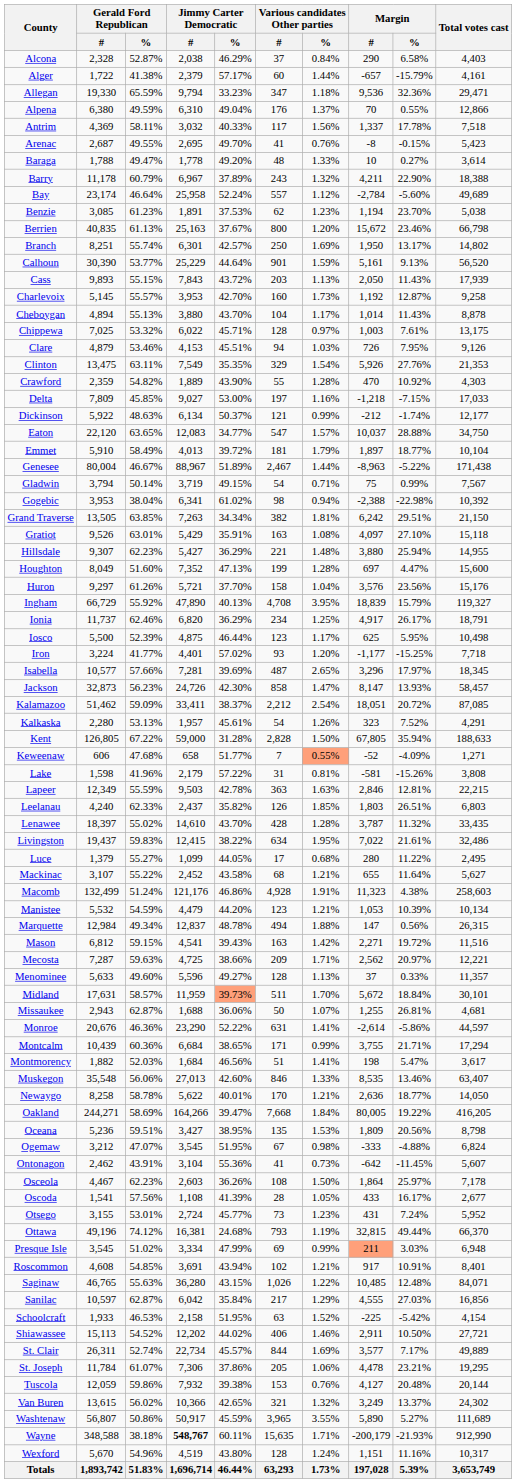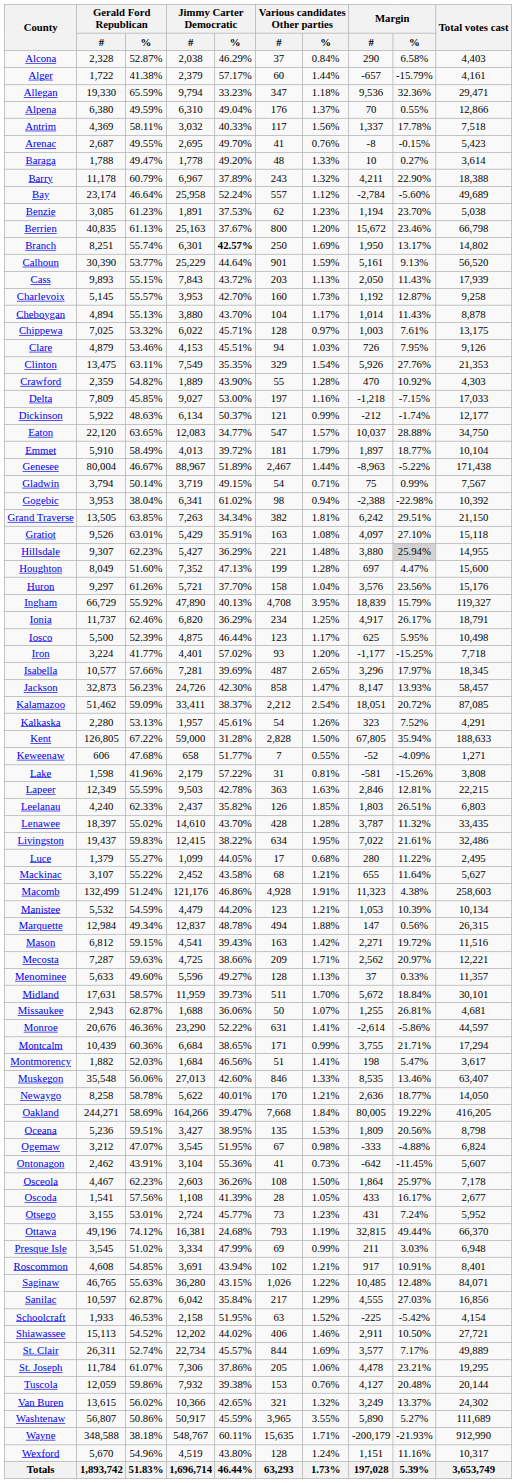 <table width="60%" class="wikitable sortable">
 <tr>
 <th colspan="1" rowspan="2">County</th>
 <th style="text-align:center;" colspan="2">Gerald Ford<br>Republican</th>
 <th style="text-align:center;" colspan="2">Jimmy Carter<br>Democratic</th>
 <th style="text-align:center;" colspan="2">Various candidates<br>Other parties</th>
 <th style="text-align:center;" colspan="2">Margin</th>
 <th colspan="1" rowspan="2" style="text-align:center;">Total votes cast</th>
 </tr>
 <tr>
 <th style="text-align:center;" data-sort-type="number">#</th>
 <th style="text-align:center;" data-sort-type="number">%</th>
 <th style="text-align:center;" data-sort-type="number">#</th>
 <th style="text-align:center;" data-sort-type="number">%</th>
 <th style="text-align:center;" data-sort-type="number">#</th>
 <th style="text-align:center;" data-sort-type="number">%</th>
 <th style="text-align:center;" data-sort-type="number">#</th>
 <th style="text-align:center;" data-sort-type="number">%</th>
 </tr>
 <tr style="text-align:center;">
 <td><a href='#'>Alcona</a></td>
 <td>2,328</td>
 <td>52.87%</td>
 <td>2,038</td>
 <td>46.29%</td>
 <td>37</td>
 <td>0.84%</td>
 <td>290</td>
 <td>6.58%</td>
 <td>4,403</td>
 </tr>
 <tr style="text-align:center;">
 <td><a href='#'>Alger</a></td>
 <td>1,722</td>
 <td>41.38%</td>
 <td>2,379</td>
 <td>57.17%</td>
 <td>60</td>
 <td>1.44%</td>
 <td>-657</td>
 <td>-15.79%</td>
 <td>4,161</td>
 </tr>
 <tr style="text-align:center;">
 <td><a href='#'>Allegan</a></td>
 <td>19,330</td>
 <td>65.59%</td>
 <td>9,794</td>
 <td>33.23%</td>
 <td>347</td>
 <td>1.18%</td>
 <td>9,536</td>
 <td>32.36%</td>
 <td>29,471</td>
 </tr>
 <tr style="text-align:center;">
 <td><a href='#'>Alpena</a></td>
 <td>6,380</td>
 <td>49.59%</td>
 <td>6,310</td>
 <td>49.04%</td>
 <td>176</td>
 <td>1.37%</td>
 <td>70</td>
 <td>0.55%</td>
 <td>12,866</td>
 </tr>
 <tr style="text-align:center;">
 <td><a href='#'>Antrim</a></td>
 <td>4,369</td>
 <td>58.11%</td>
 <td>3,032</td>
 <td>40.33%</td>
 <td>117</td>
 <td>1.56%</td>
 <td>1,337</td>
 <td>17.78%</td>
 <td>7,518</td>
 </tr>
 <tr style="text-align:center;">
 <td><a href='#'>Arenac</a></td>
 <td>2,687</td>
 <td>49.55%</td>
 <td>2,695</td>
 <td>49.70%</td>
 <td>41</td>
 <td>0.76%</td>
 <td>-8</td>
 <td>-0.15%</td>
 <td>5,423</td>
 </tr>
 <tr style="text-align:center;">
 <td><a href='#'>Baraga</a></td>
 <td>1,788</td>
 <td>49.47%</td>
 <td>1,778</td>
 <td>49.20%</td>
 <td>48</td>
 <td>1.33%</td>
 <td>10</td>
 <td>0.27%</td>
 <td>3,614</td>
 </tr>
 <tr style="text-align:center;">
 <td><a href='#'>Barry</a></td>
 <td>11,178</td>
 <td>60.79%</td>
 <td>6,967</td>
 <td>37.89%</td>
 <td>243</td>
 <td>1.32%</td>
 <td>4,211</td>
 <td>22.90%</td>
 <td>18,388</td>
 </tr>
 <tr style="text-align:center;">
 <td><a href='#'>Bay</a></td>
 <td>23,174</td>
 <td>46.64%</td>
 <td>25,958</td>
 <td>52.24%</td>
 <td>557</td>
 <td>1.12%</td>
 <td>-2,784</td>
 <td>-5.60%</td>
 <td>49,689</td>
 </tr>
 <tr style="text-align:center;">
 <td><a href='#'>Benzie</a></td>
 <td>3,085</td>
 <td>61.23%</td>
 <td>1,891</td>
 <td>37.53%</td>
 <td>62</td>
 <td>1.23%</td>
 <td>1,194</td>
 <td>23.70%</td>
 <td>5,038</td>
 </tr>
 <tr style="text-align:center;">
 <td><a href='#'>Berrien</a></td>
 <td>40,835</td>
 <td>61.13%</td>
 <td>25,163</td>
 <td>37.67%</td>
 <td>800</td>
 <td>1.20%</td>
 <td>15,672</td>
 <td>23.46%</td>
 <td>66,798</td>
 </tr>
 <tr style="text-align:center;">
 <td><a href='#'>Branch</a></td>
 <td>8,251</td>
 <td>55.74%</td>
 <td>6,301</td>
-<td>42.57%</td>
+<td><strong>42.57%</strong></td>
 <td>250</td>
 <td>1.69%</td>
 <td>1,950</td>
 <td>13.17%</td>
 <td>14,802</td>
 </tr>
 <tr style="text-align:center;">
 <td><a href='#'>Calhoun</a></td>
 <td>30,390</td>
 <td>53.77%</td>
 <td>25,229</td>
 <td>44.64%</td>
 <td>901</td>
 <td>1.59%</td>
 <td>5,161</td>
 <td>9.13%</td>
 <td>56,520</td>
 </tr>
 <tr style="text-align:center;">
 <td><a href='#'>Cass</a></td>
 <td>9,893</td>
 <td>55.15%</td>
 <td>7,843</td>
 <td>43.72%</td>
 <td>203</td>
 <td>1.13%</td>
 <td>2,050</td>
 <td>11.43%</td>
 <td>17,939</td>
 </tr>
 <tr style="text-align:center;">
 <td><a href='#'>Charlevoix</a></td>
 <td>5,145</td>
 <td>55.57%</td>
 <td>3,953</td>
 <td>42.70%</td>
 <td>160</td>
 <td>1.73%</td>
 <td>1,192</td>
 <td>12.87%</td>
 <td>9,258</td>
 </tr>
 <tr style="text-align:center;">
 <td><a href='#'>Cheboygan</a></td>
 <td>4,894</td>
 <td>55.13%</td>
 <td>3,880</td>
 <td>43.70%</td>
 <td>104</td>
 <td>1.17%</td>
 <td>1,014</td>
 <td>11.43%</td>
 <td>8,878</td>
 </tr>
 <tr style="text-align:center;">
 <td><a href='#'>Chippewa</a></td>
 <td>7,025</td>
 <td>53.32%</td>
 <td>6,022</td>
 <td>45.71%</td>
 <td>128</td>
 <td>0.97%</td>
 <td>1,003</td>
 <td>7.61%</td>
 <td>13,175</td>
 </tr>
 <tr style="text-align:center;">
 <td><a href='#'>Clare</a></td>
 <td>4,879</td>
 <td>53.46%</td>
 <td>4,153</td>
 <td>45.51%</td>
 <td>94</td>
 <td>1.03%</td>
 <td>726</td>
 <td>7.95%</td>
 <td>9,126</td>
 </tr>
 <tr style="text-align:center;">
 <td><a href='#'>Clinton</a></td>
 <td>13,475</td>
 <td>63.11%</td>
 <td>7,549</td>
 <td>35.35%</td>
 <td>329</td>
 <td>1.54%</td>
 <td>5,926</td>
 <td>27.76%</td>
 <td>21,353</td>
 </tr>
 <tr style="text-align:center;">
 <td><a href='#'>Crawford</a></td>
 <td>2,359</td>
 <td>54.82%</td>
 <td>1,889</td>
 <td>43.90%</td>
 <td>55</td>
 <td>1.28%</td>
 <td>470</td>
 <td>10.92%</td>
 <td>4,303</td>
 </tr>
 <tr style="text-align:center;">
 <td><a href='#'>Delta</a></td>
 <td>7,809</td>
 <td>45.85%</td>
 <td>9,027</td>
 <td>53.00%</td>
 <td>197</td>
 <td>1.16%</td>
 <td>-1,218</td>
 <td>-7.15%</td>
 <td>17,033</td>
 </tr>
 <tr style="text-align:center;">
 <td><a href='#'>Dickinson</a></td>
 <td>5,922</td>
 <td>48.63%</td>
 <td>6,134</td>
 <td>50.37%</td>
 <td>121</td>
 <td>0.99%</td>
 <td>-212</td>
 <td>-1.74%</td>
 <td>12,177</td>
 </tr>
 <tr style="text-align:center;">
 <td><a href='#'>Eaton</a></td>
 <td>22,120</td>
 <td>63.65%</td>
 <td>12,083</td>
 <td>34.77%</td>
 <td>547</td>
 <td>1.57%</td>
 <td>10,037</td>
 <td>28.88%</td>
 <td>34,750</td>
 </tr>
 <tr style="text-align:center;">
 <td><a href='#'>Emmet</a></td>
 <td>5,910</td>
 <td>58.49%</td>
 <td>4,013</td>
 <td>39.72%</td>
 <td>181</td>
 <td>1.79%</td>
 <td>1,897</td>
 <td>18.77%</td>
 <td>10,104</td>
 </tr>
 <tr style="text-align:center;">
 <td><a href='#'>Genesee</a></td>
 <td>80,004</td>
 <td>46.67%</td>
 <td>88,967</td>
 <td>51.89%</td>
 <td>2,467</td>
 <td>1.44%</td>
 <td>-8,963</td>
 <td>-5.22%</td>
 <td>171,438</td>
 </tr>
 <tr style="text-align:center;">
 <td><a href='#'>Gladwin</a></td>
 <td>3,794</td>
 <td>50.14%</td>
 <td>3,719</td>
 <td>49.15%</td>
 <td>54</td>
 <td>0.71%</td>
 <td>75</td>
 <td>0.99%</td>
 <td>7,567</td>
 </tr>
 <tr style="text-align:center;">
 <td><a href='#'>Gogebic</a></td>
 <td>3,953</td>
 <td>38.04%</td>
 <td>6,341</td>
 <td>61.02%</td>
 <td>98</td>
 <td>0.94%</td>
 <td>-2,388</td>
 <td>-22.98%</td>
 <td>10,392</td>
 </tr>
 <tr style="text-align:center;">
 <td><a href='#'>Grand Traverse</a></td>
 <td>13,505</td>
 <td>63.85%</td>
 <td>7,263</td>
 <td>34.34%</td>
 <td>382</td>
 <td>1.81%</td>
 <td>6,242</td>
 <td>29.51%</td>
 <td>21,150</td>
 </tr>
 <tr style="text-align:center;">
 <td><a href='#'>Gratiot</a></td>
 <td>9,526</td>
 <td>63.01%</td>
 <td>5,429</td>
 <td>35.91%</td>
 <td>163</td>
 <td>1.08%</td>
 <td>4,097</td>
 <td>27.10%</td>
 <td>15,118</td>
 </tr>
 <tr style="text-align:center;">
 <td><a href='#'>Hillsdale</a></td>
 <td>9,307</td>
 <td>62.23%</td>
 <td>5,427</td>
 <td>36.29%</td>
 <td>221</td>
 <td>1.48%</td>
 <td>3,880</td>
-<td>25.94%</td>
+<td style="background: lightgrey;">25.94%</td>
 <td>14,955</td>
 </tr>
 <tr style="text-align:center;">
 <td><a href='#'>Houghton</a></td>
 <td>8,049</td>
 <td>51.60%</td>
 <td>7,352</td>
 <td>47.13%</td>
 <td>199</td>
 <td>1.28%</td>
 <td>697</td>
 <td>4.47%</td>
 <td>15,600</td>
 </tr>
 <tr style="text-align:center;">
 <td><a href='#'>Huron</a></td>
 <td>9,297</td>
 <td>61.26%</td>
 <td>5,721</td>
 <td>37.70%</td>
 <td>158</td>
 <td>1.04%</td>
 <td>3,576</td>
 <td>23.56%</td>
 <td>15,176</td>
 </tr>
 <tr style="text-align:center;">
 <td><a href='#'>Ingham</a></td>
 <td>66,729</td>
 <td>55.92%</td>
 <td>47,890</td>
 <td>40.13%</td>
 <td>4,708</td>
 <td>3.95%</td>
 <td>18,839</td>
 <td>15.79%</td>
 <td>119,327</td>
 </tr>
 <tr style="text-align:center;">
 <td><a href='#'>Ionia</a></td>
 <td>11,737</td>
 <td>62.46%</td>
 <td>6,820</td>
 <td>36.29%</td>
 <td>234</td>
 <td>1.25%</td>
 <td>4,917</td>
 <td>26.17%</td>
 <td>18,791</td>
 </tr>
 <tr style="text-align:center;">
 <td><a href='#'>Iosco</a></td>
 <td>5,500</td>
 <td>52.39%</td>
 <td>4,875</td>
 <td>46.44%</td>
 <td>123</td>
 <td>1.17%</td>
 <td>625</td>
 <td>5.95%</td>
 <td>10,498</td>
 </tr>
 <tr style="text-align:center;">
 <td><a href='#'>Iron</a></td>
 <td>3,224</td>
 <td>41.77%</td>
 <td>4,401</td>
 <td>57.02%</td>
 <td>93</td>
 <td>1.20%</td>
 <td>-1,177</td>
 <td>-15.25%</td>
 <td>7,718</td>
 </tr>
 <tr style="text-align:center;">
 <td><a href='#'>Isabella</a></td>
 <td>10,577</td>
 <td>57.66%</td>
 <td>7,281</td>
 <td>39.69%</td>
 <td>487</td>
 <td>2.65%</td>
 <td>3,296</td>
 <td>17.97%</td>
 <td>18,345</td>
 </tr>
 <tr style="text-align:center;">
 <td><a href='#'>Jackson</a></td>
 <td>32,873</td>
 <td>56.23%</td>
 <td>24,726</td>
 <td>42.30%</td>
 <td>858</td>
 <td>1.47%</td>
 <td>8,147</td>
 <td>13.93%</td>
 <td>58,457</td>
 </tr>
 <tr style="text-align:center;">
 <td><a href='#'>Kalamazoo</a></td>
 <td>51,462</td>
 <td>59.09%</td>
 <td>33,411</td>
 <td>38.37%</td>
 <td>2,212</td>
 <td>2.54%</td>
 <td>18,051</td>
 <td>20.72%</td>
 <td>87,085</td>
 </tr>
 <tr style="text-align:center;">
 <td><a href='#'>Kalkaska</a></td>
 <td>2,280</td>
 <td>53.13%</td>
 <td>1,957</td>
 <td>45.61%</td>
 <td>54</td>
 <td>1.26%</td>
 <td>323</td>
 <td>7.52%</td>
 <td>4,291</td>
 </tr>
 <tr style="text-align:center;">
 <td><a href='#'>Kent</a></td>
 <td>126,805</td>
 <td>67.22%</td>
 <td>59,000</td>
 <td>31.28%</td>
 <td>2,828</td>
 <td>1.50%</td>
 <td>67,805</td>
 <td>35.94%</td>
 <td>188,633</td>
 </tr>
 <tr style="text-align:center;">
 <td><a href='#'>Keweenaw</a></td>
 <td>606</td>
 <td>47.68%</td>
 <td>658</td>
 <td>51.77%</td>
 <td>7</td>
-<td style="background: lightsalmon;">0.55%</td>
+<td>0.55%</td>
 <td>-52</td>
 <td>-4.09%</td>
 <td>1,271</td>
 </tr>
 <tr style="text-align:center;">
 <td><a href='#'>Lake</a></td>
 <td>1,598</td>
 <td>41.96%</td>
 <td>2,179</td>
 <td>57.22%</td>
 <td>31</td>
 <td>0.81%</td>
 <td>-581</td>
 <td>-15.26%</td>
 <td>3,808</td>
 </tr>
 <tr style="text-align:center;">
 <td><a href='#'>Lapeer</a></td>
 <td>12,349</td>
 <td>55.59%</td>
 <td>9,503</td>
 <td>42.78%</td>
 <td>363</td>
 <td>1.63%</td>
 <td>2,846</td>
 <td>12.81%</td>
 <td>22,215</td>
 </tr>
 <tr style="text-align:center;">
 <td><a href='#'>Leelanau</a></td>
 <td>4,240</td>
 <td>62.33%</td>
 <td>2,437</td>
 <td>35.82%</td>
 <td>126</td>
 <td>1.85%</td>
 <td>1,803</td>
 <td>26.51%</td>
 <td>6,803</td>
 </tr>
 <tr style="text-align:center;">
 <td><a href='#'>Lenawee</a></td>
 <td>18,397</td>
 <td>55.02%</td>
 <td>14,610</td>
 <td>43.70%</td>
 <td>428</td>
 <td>1.28%</td>
 <td>3,787</td>
 <td>11.32%</td>
 <td>33,435</td>
 </tr>
 <tr style="text-align:center;">
 <td><a href='#'>Livingston</a></td>
 <td>19,437</td>
 <td>59.83%</td>
 <td>12,415</td>
 <td>38.22%</td>
 <td>634</td>
 <td>1.95%</td>
 <td>7,022</td>
 <td>21.61%</td>
 <td>32,486</td>
 </tr>
 <tr style="text-align:center;">
 <td><a href='#'>Luce</a></td>
 <td>1,379</td>
 <td>55.27%</td>
 <td>1,099</td>
 <td>44.05%</td>
 <td>17</td>
 <td>0.68%</td>
 <td>280</td>
 <td>11.22%</td>
 <td>2,495</td>
 </tr>
 <tr style="text-align:center;">
 <td><a href='#'>Mackinac</a></td>
 <td>3,107</td>
 <td>55.22%</td>
 <td>2,452</td>
 <td>43.58%</td>
 <td>68</td>
 <td>1.21%</td>
 <td>655</td>
 <td>11.64%</td>
 <td>5,627</td>
 </tr>
 <tr style="text-align:center;">
 <td><a href='#'>Macomb</a></td>
 <td>132,499</td>
 <td>51.24%</td>
 <td>121,176</td>
 <td>46.86%</td>
 <td>4,928</td>
 <td>1.91%</td>
 <td>11,323</td>
 <td>4.38%</td>
 <td>258,603</td>
 </tr>
 <tr style="text-align:center;">
 <td><a href='#'>Manistee</a></td>
 <td>5,532</td>
 <td>54.59%</td>
 <td>4,479</td>
 <td>44.20%</td>
 <td>123</td>
 <td>1.21%</td>
 <td>1,053</td>
 <td>10.39%</td>
 <td>10,134</td>
 </tr>
 <tr style="text-align:center;">
 <td><a href='#'>Marquette</a></td>
 <td>12,984</td>
 <td>49.34%</td>
 <td>12,837</td>
 <td>48.78%</td>
 <td>494</td>
 <td>1.88%</td>
 <td>147</td>
 <td>0.56%</td>
 <td>26,315</td>
 </tr>
 <tr style="text-align:center;">
 <td><a href='#'>Mason</a></td>
 <td>6,812</td>
 <td>59.15%</td>
 <td>4,541</td>
 <td>39.43%</td>
 <td>163</td>
 <td>1.42%</td>
 <td>2,271</td>
 <td>19.72%</td>
 <td>11,516</td>
 </tr>
 <tr style="text-align:center;">
 <td><a href='#'>Mecosta</a></td>
 <td>7,287</td>
 <td>59.63%</td>
 <td>4,725</td>
 <td>38.66%</td>
 <td>209</td>
 <td>1.71%</td>
 <td>2,562</td>
 <td>20.97%</td>
 <td>12,221</td>
 </tr>
 <tr style="text-align:center;">
 <td><a href='#'>Menominee</a></td>
 <td>5,633</td>
 <td>49.60%</td>
 <td>5,596</td>
 <td>49.27%</td>
 <td>128</td>
 <td>1.13%</td>
 <td>37</td>
 <td>0.33%</td>
 <td>11,357</td>
 </tr>
 <tr style="text-align:center;">
 <td><a href='#'>Midland</a></td>
 <td>17,631</td>
 <td>58.57%</td>
 <td>11,959</td>
-<td style="background: lightsalmon;">39.73%</td>
+<td>39.73%</td>
 <td>511</td>
 <td>1.70%</td>
 <td>5,672</td>
 <td>18.84%</td>
 <td>30,101</td>
 </tr>
 <tr style="text-align:center;">
 <td><a href='#'>Missaukee</a></td>
 <td>2,943</td>
 <td>62.87%</td>
 <td>1,688</td>
 <td>36.06%</td>
 <td>50</td>
 <td>1.07%</td>
 <td>1,255</td>
 <td>26.81%</td>
 <td>4,681</td>
 </tr>
 <tr style="text-align:center;">
 <td><a href='#'>Monroe</a></td>
 <td>20,676</td>
 <td>46.36%</td>
 <td>23,290</td>
 <td>52.22%</td>
 <td>631</td>
 <td>1.41%</td>
 <td>-2,614</td>
 <td>-5.86%</td>
 <td>44,597</td>
 </tr>
 <tr style="text-align:center;">
 <td><a href='#'>Montcalm</a></td>
 <td>10,439</td>
 <td>60.36%</td>
 <td>6,684</td>
 <td>38.65%</td>
 <td>171</td>
 <td>0.99%</td>
 <td>3,755</td>
 <td>21.71%</td>
 <td>17,294</td>
 </tr>
 <tr style="text-align:center;">
 <td><a href='#'>Montmorency</a></td>
 <td>1,882</td>
 <td>52.03%</td>
 <td>1,684</td>
 <td>46.56%</td>
 <td>51</td>
 <td>1.41%</td>
 <td>198</td>
 <td>5.47%</td>
 <td>3,617</td>
 </tr>
 <tr style="text-align:center;">
 <td><a href='#'>Muskegon</a></td>
 <td>35,548</td>
 <td>56.06%</td>
 <td>27,013</td>
 <td>42.60%</td>
 <td>846</td>
 <td>1.33%</td>
 <td>8,535</td>
 <td>13.46%</td>
 <td>63,407</td>
 </tr>
 <tr style="text-align:center;">
 <td><a href='#'>Newaygo</a></td>
 <td>8,258</td>
 <td>58.78%</td>
 <td>5,622</td>
 <td>40.01%</td>
 <td>170</td>
 <td>1.21%</td>
 <td>2,636</td>
 <td>18.77%</td>
 <td>14,050</td>
 </tr>
 <tr style="text-align:center;">
 <td><a href='#'>Oakland</a></td>
 <td>244,271</td>
 <td>58.69%</td>
 <td>164,266</td>
 <td>39.47%</td>
 <td>7,668</td>
 <td>1.84%</td>
 <td>80,005</td>
 <td>19.22%</td>
 <td>416,205</td>
 </tr>
 <tr style="text-align:center;">
 <td><a href='#'>Oceana</a></td>
 <td>5,236</td>
 <td>59.51%</td>
 <td>3,427</td>
 <td>38.95%</td>
 <td>135</td>
 <td>1.53%</td>
 <td>1,809</td>
 <td>20.56%</td>
 <td>8,798</td>
 </tr>
 <tr style="text-align:center;">
 <td><a href='#'>Ogemaw</a></td>
 <td>3,212</td>
 <td>47.07%</td>
 <td>3,545</td>
 <td>51.95%</td>
 <td>67</td>
 <td>0.98%</td>
 <td>-333</td>
 <td>-4.88%</td>
 <td>6,824</td>
 </tr>
 <tr style="text-align:center;">
 <td><a href='#'>Ontonagon</a></td>
 <td>2,462</td>
 <td>43.91%</td>
 <td>3,104</td>
 <td>55.36%</td>
 <td>41</td>
 <td>0.73%</td>
 <td>-642</td>
 <td>-11.45%</td>
 <td>5,607</td>
 </tr>
 <tr style="text-align:center;">
 <td><a href='#'>Osceola</a></td>
 <td>4,467</td>
 <td>62.23%</td>
 <td>2,603</td>
 <td>36.26%</td>
 <td>108</td>
 <td>1.50%</td>
 <td>1,864</td>
 <td>25.97%</td>
 <td>7,178</td>
 </tr>
 <tr style="text-align:center;">
 <td><a href='#'>Oscoda</a></td>
 <td>1,541</td>
 <td>57.56%</td>
 <td>1,108</td>
 <td>41.39%</td>
 <td>28</td>
 <td>1.05%</td>
 <td>433</td>
 <td>16.17%</td>
 <td>2,677</td>
 </tr>
 <tr style="text-align:center;">
 <td><a href='#'>Otsego</a></td>
 <td>3,155</td>
 <td>53.01%</td>
 <td>2,724</td>
 <td>45.77%</td>
 <td>73</td>
 <td>1.23%</td>
 <td>431</td>
 <td>7.24%</td>
 <td>5,952</td>
 </tr>
 <tr style="text-align:center;">
 <td><a href='#'>Ottawa</a></td>
 <td>49,196</td>
 <td>74.12%</td>
 <td>16,381</td>
 <td>24.68%</td>
 <td>793</td>
 <td>1.19%</td>
 <td>32,815</td>
 <td>49.44%</td>
 <td>66,370</td>
 </tr>
 <tr style="text-align:center;">
 <td><a href='#'>Presque Isle</a></td>
 <td>3,545</td>
 <td>51.02%</td>
 <td>3,334</td>
 <td>47.99%</td>
 <td>69</td>
 <td>0.99%</td>
-<td style="background: lightsalmon;">211</td>
+<td>211</td>
 <td>3.03%</td>
 <td>6,948</td>
 </tr>
 <tr style="text-align:center;">
 <td><a href='#'>Roscommon</a></td>
 <td>4,608</td>
 <td>54.85%</td>
 <td>3,691</td>
 <td>43.94%</td>
 <td>102</td>
 <td>1.21%</td>
 <td>917</td>
 <td>10.91%</td>
 <td>8,401</td>
 </tr>
 <tr style="text-align:center;">
 <td><a href='#'>Saginaw</a></td>
 <td>46,765</td>
 <td>55.63%</td>
 <td>36,280</td>
 <td>43.15%</td>
 <td>1,026</td>
 <td>1.22%</td>
 <td>10,485</td>
 <td>12.48%</td>
 <td>84,071</td>
 </tr>
 <tr style="text-align:center;">
 <td><a href='#'>Sanilac</a></td>
 <td>10,597</td>
 <td>62.87%</td>
 <td>6,042</td>
 <td>35.84%</td>
 <td>217</td>
 <td>1.29%</td>
 <td>4,555</td>
 <td>27.03%</td>
 <td>16,856</td>
 </tr>
 <tr style="text-align:center;">
 <td><a href='#'>Schoolcraft</a></td>
 <td>1,933</td>
 <td>46.53%</td>
 <td>2,158</td>
 <td>51.95%</td>
 <td>63</td>
 <td>1.52%</td>
 <td>-225</td>
 <td>-5.42%</td>
 <td>4,154</td>
 </tr>
 <tr style="text-align:center;">
 <td><a href='#'>Shiawassee</a></td>
 <td>15,113</td>
 <td>54.52%</td>
 <td>12,202</td>
 <td>44.02%</td>
 <td>406</td>
 <td>1.46%</td>
 <td>2,911</td>
 <td>10.50%</td>
 <td>27,721</td>
 </tr>
 <tr style="text-align:center;">
 <td><a href='#'>St. Clair</a></td>
 <td>26,311</td>
 <td>52.74%</td>
 <td>22,734</td>
 <td>45.57%</td>
 <td>844</td>
 <td>1.69%</td>
 <td>3,577</td>
 <td>7.17%</td>
 <td>49,889</td>
 </tr>
 <tr style="text-align:center;">
 <td><a href='#'>St. Joseph</a></td>
 <td>11,784</td>
 <td>61.07%</td>
 <td>7,306</td>
 <td>37.86%</td>
 <td>205</td>
 <td>1.06%</td>
 <td>4,478</td>
 <td>23.21%</td>
 <td>19,295</td>
 </tr>
 <tr style="text-align:center;">
 <td><a href='#'>Tuscola</a></td>
 <td>12,059</td>
 <td>59.86%</td>
 <td>7,932</td>
 <td>39.38%</td>
 <td>153</td>
 <td>0.76%</td>
 <td>4,127</td>
 <td>20.48%</td>
 <td>20,144</td>
 </tr>
 <tr style="text-align:center;">
 <td><a href='#'>Van Buren</a></td>
 <td>13,615</td>
 <td>56.02%</td>
 <td>10,366</td>
 <td>42.65%</td>
 <td>321</td>
 <td>1.32%</td>
 <td>3,249</td>
 <td>13.37%</td>
 <td>24,302</td>
 </tr>
 <tr style="text-align:center;">
 <td><a href='#'>Washtenaw</a></td>
 <td>56,807</td>
 <td>50.86%</td>
 <td>50,917</td>
 <td>45.59%</td>
 <td>3,965</td>
 <td>3.55%</td>
 <td>5,890</td>
 <td>5.27%</td>
 <td>111,689</td>
 </tr>
 <tr style="text-align:center;">
 <td><a href='#'>Wayne</a></td>
 <td>348,588</td>
 <td>38.18%</td>
-<td><strong>548,767</strong></td>
+<td>548,767</td>
 <td>60.11%</td>
 <td>15,635</td>
 <td>1.71%</td>
 <td>-200,179</td>
 <td>-21.93%</td>
 <td>912,990</td>
 </tr>
 <tr style="text-align:center;">
 <td><a href='#'>Wexford</a></td>
 <td>5,670</td>
 <td>54.96%</td>
 <td>4,519</td>
 <td>43.80%</td>
 <td>128</td>
 <td>1.24%</td>
 <td>1,151</td>
 <td>11.16%</td>
 <td>10,317</td>
 </tr>
 <tr style="text-align:center;">
 <th>Totals</th>
 <th>1,893,742</th>
 <th>51.83%</th>
 <th>1,696,714</th>
 <th>46.44%</th>
 <th>63,293</th>
 <th>1.73%</th>
 <th>197,028</th>
 <th>5.39%</th>
 <th>3,653,749</th>
 </tr>
 </table>
